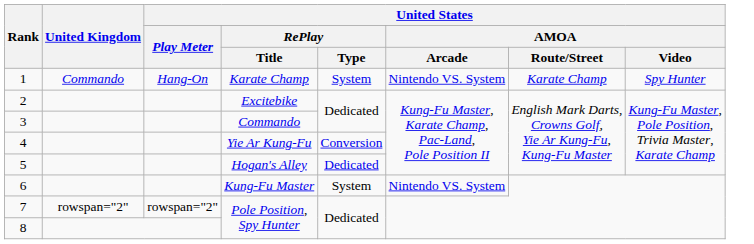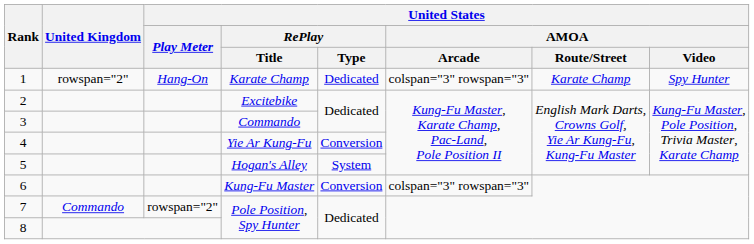 <table class="wikitable sortable" style="text-align:center">
 <tr>
 <th rowspan="3">Rank</th>
 <th rowspan="3"><a href='#'>United Kingdom</a></th>
 <th colspan="6"><a href='#'>United States</a></th>
 </tr>
 <tr>
 <th rowspan="2"><em><a href='#'>Play Meter</a></em></th>
 <th colspan="2"><em>RePlay</em></th>
 <th colspan="3">AMOA</th>
 </tr>
 <tr>
 <th>Title</th>
 <th>Type</th>
 <th>Arcade</th>
 <th>Route/Street</th>
 <th>Video</th>
 </tr>
 <tr>
 <td>1</td>
-<td><em><a href='#'>Commando</a></em></td>
+<td>rowspan="2" </td>
 <td><em><a href='#'>Hang-On</a></em></td>
 <td><em><a href='#'>Karate Champ</a></em></td>
-<td><a href='#'>System</a></td>
-<td><a href='#'>Nintendo VS. System</a></td>
+<td><a href='#'>Dedicated</a></td>
+<td>colspan="3" rowspan="3" </td>
 <td><em><a href='#'>Karate Champ</a></em></td>
 <td><em><a href='#'>Spy Hunter</a></em></td>
 </tr>
 <tr>
 <td>2</td>
 <td></td>
 <td></td>
 <td><em><a href='#'>Excitebike</a></em></td>
 <td rowspan="2">Dedicated</td>
 <td rowspan="4"><em><a href='#'>Kung-Fu Master</a></em>, <br> <em><a href='#'>Karate Champ</a></em>, <br> <em><a href='#'>Pac-Land</a></em>, <br> <em><a href='#'>Pole Position II</a></em></td>
 <td rowspan="4"><em>English Mark Darts</em>, <br> <em><a href='#'>Crowns Golf</a></em>, <br>  <em><a href='#'>Yie Ar Kung-Fu</a></em>, <br> <em><a href='#'>Kung-Fu Master</a></em></td>
 <td rowspan="4"><em><a href='#'>Kung-Fu Master</a></em>, <br> <em><a href='#'>Pole Position</a></em>, <br> <em>Trivia Master</em>, <br> <em><a href='#'>Karate Champ</a></em></td>
 </tr>
 <tr>
 <td>3</td>
 <td></td>
 <td></td>
 <td><em><a href='#'>Commando</a></em></td>
 </tr>
 <tr>
 <td>4</td>
 <td></td>
 <td></td>
 <td><em><a href='#'>Yie Ar Kung-Fu</a></em></td>
 <td><a href='#'>Conversion</a></td>
 </tr>
 <tr>
 <td>5</td>
 <td></td>
 <td></td>
 <td><em><a href='#'>Hogan's Alley</a></em></td>
-<td><a href='#'>Dedicated</a></td>
+<td><a href='#'>System</a></td>
 </tr>
 <tr>
 <td>6</td>
 <td></td>
 <td></td>
 <td><em><a href='#'>Kung-Fu Master</a></em></td>
-<td>System</td>
-<td><a href='#'>Nintendo VS. System</a></td>
+<td><a href='#'>Conversion</a></td>
+<td>colspan="3" rowspan="3" </td>
 </tr>
 <tr>
 <td>7</td>
-<td>rowspan="2" </td>
+<td><em><a href='#'>Commando</a></em></td>
 <td>rowspan="2" </td>
 <td rowspan="2"><em><a href='#'>Pole Position</a></em>, <br> <em><a href='#'>Spy Hunter</a></em></td>
 <td rowspan="2">Dedicated</td>
 </tr>
 <tr>
 <td>8</td>
 </tr>
 </table>
